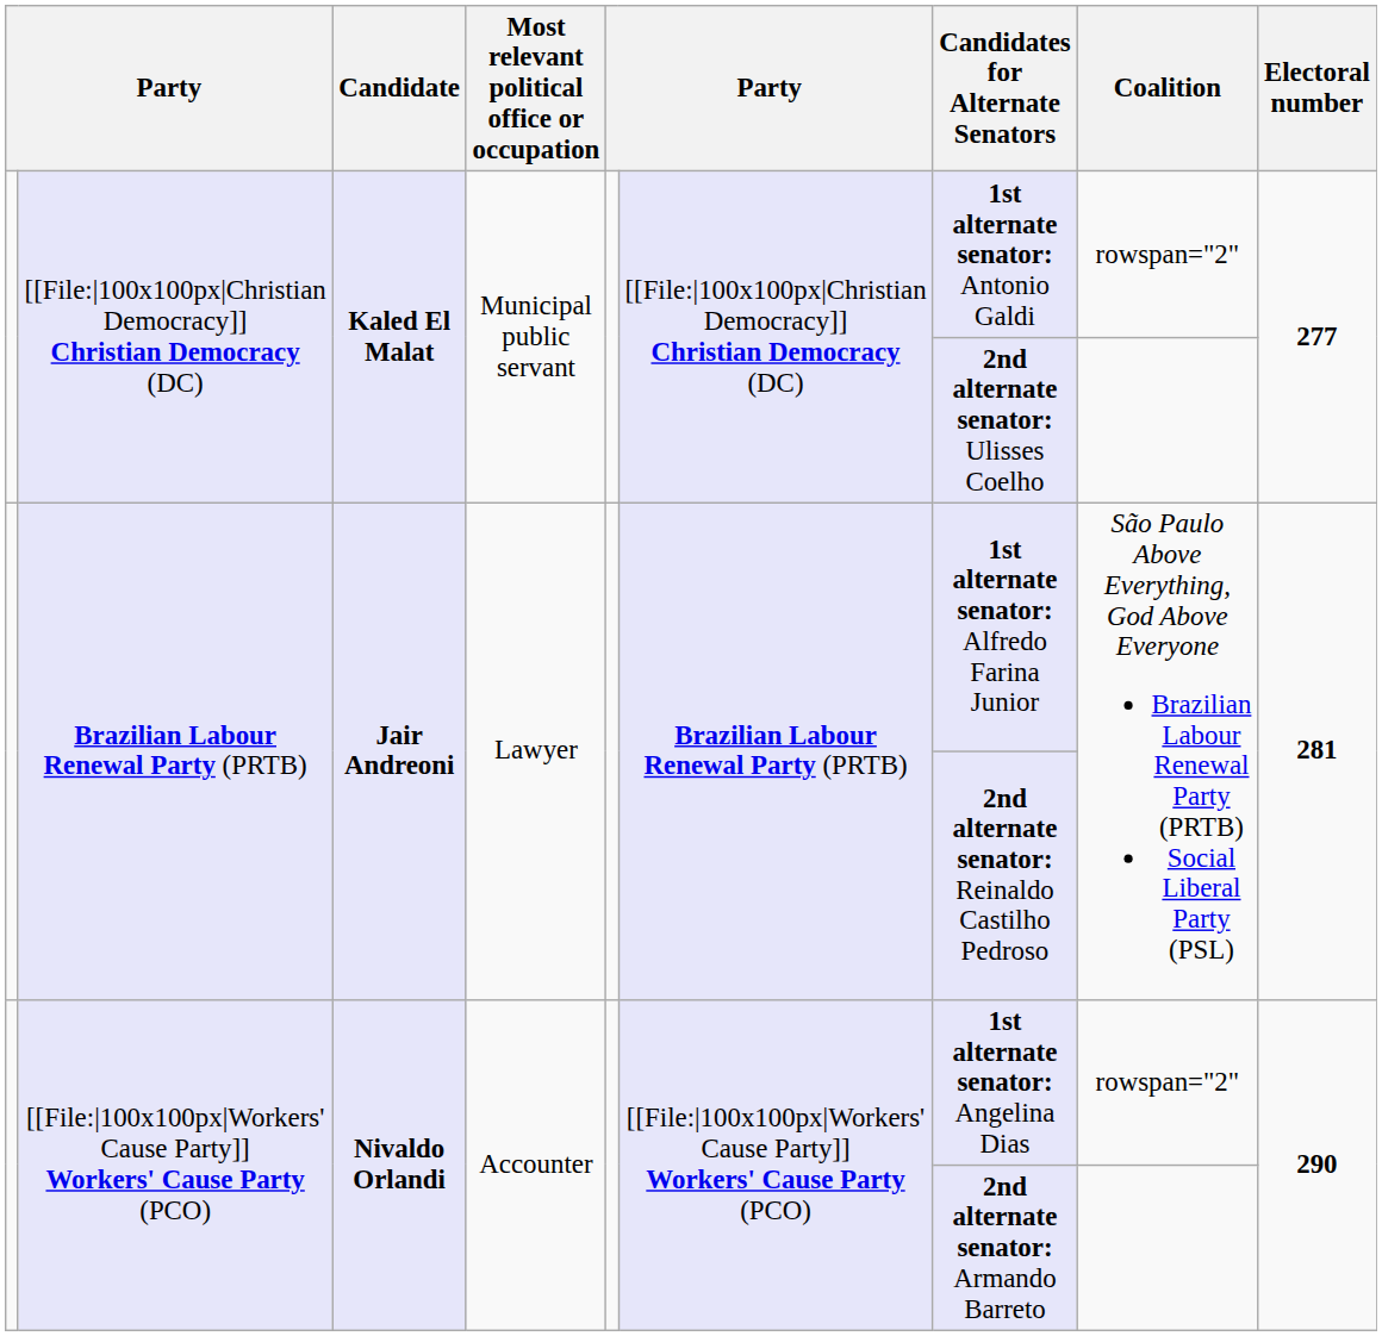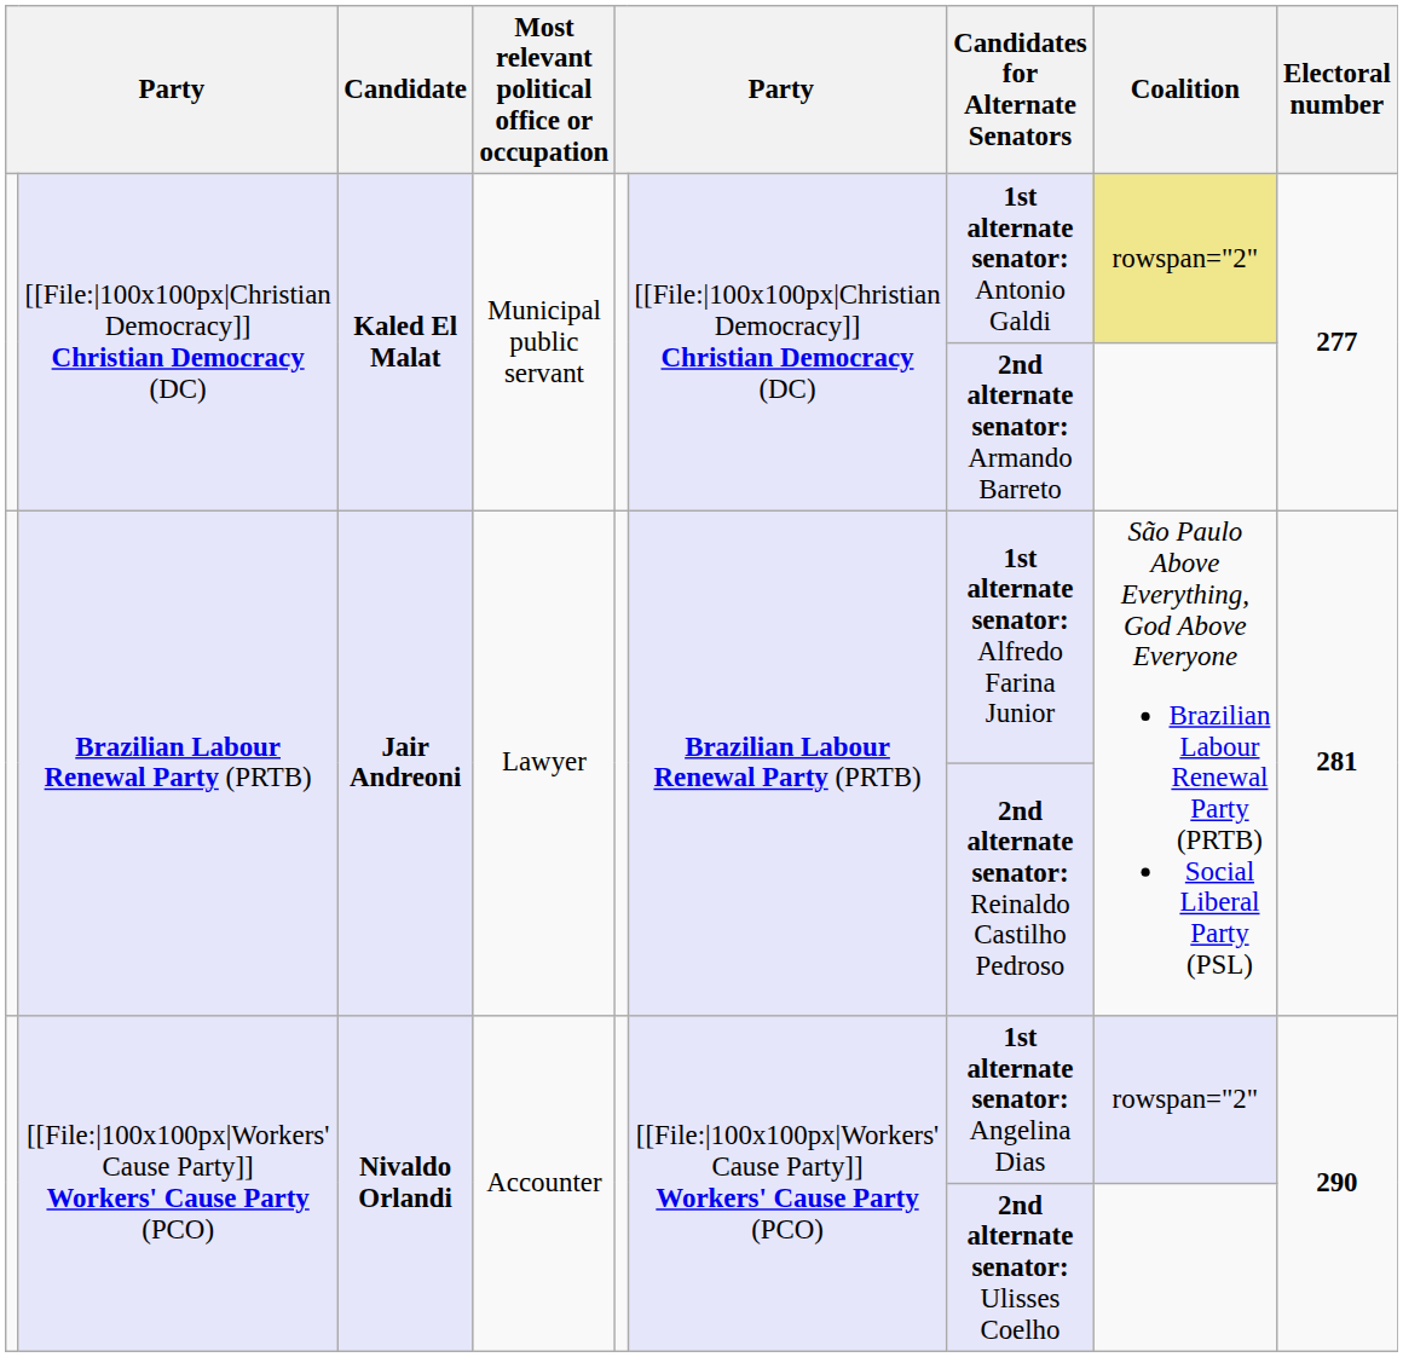 <table class="wikitable" style="text-align:center">
 <tr>
 <th colspan="2">Party</th>
 <th>Candidate</th>
 <th style="max-width:10em">Most relevant political office or occupation</th>
 <th colspan="2">Party</th>
 <th>Candidates for Alternate Senators</th>
 <th>Coalition</th>
 <th>Electoral number</th>
 </tr>
 <tr>
 <td rowspan="2" style="background:"></td>
 <td rowspan="2" style="background:lavender;" max-width:150px>[[File:|100x100px|Christian Democracy]]<br><strong><a href='#'>Christian Democracy</a></strong> (DC)</td>
 <td rowspan="2" style="background:lavender;" max-width:150px><strong>Kaled El Malat</strong></td>
 <td rowspan="2" style="max-width:10em">Municipal public servant</td>
 <td rowspan="2" style="background:"></td>
 <td rowspan="2" style="background:lavender;" max-width:150px>[[File:|100x100px|Christian Democracy]]<br><strong><a href='#'>Christian Democracy</a></strong> (DC)</td>
 <td style="background:lavender;"><strong>1st alternate senator:</strong><br>Antonio Galdi</td>
-<td>rowspan="2" </td>
+<td style="background: khaki;">rowspan="2" </td>
 <td rowspan="2"><strong>277</strong></td>
 </tr>
 <tr>
-<td style="background:lavender;"><strong>2nd alternate senator:</strong><br>Ulisses Coelho</td>
+<td style="background:lavender;"><strong>2nd alternate senator:</strong><br>Armando Barreto</td>
 </tr>
 <tr>
 <td rowspan="2" style="background:"></td>
 <td rowspan="2" style="background:lavender;" max-width:150px><strong><a href='#'>Brazilian Labour Renewal Party</a></strong> (PRTB)</td>
 <td rowspan="2" style="background:lavender;" max-width:150px><strong>Jair Andreoni</strong></td>
 <td rowspan="2" style="max-width:10em">Lawyer</td>
 <td rowspan="2" style="background:"></td>
 <td rowspan="2" style="background:lavender;" max-width:150px><strong><a href='#'>Brazilian Labour Renewal Party</a></strong> (PRTB)</td>
 <td style="background:lavender;"><strong>1st alternate senator:</strong><br>Alfredo Farina Junior</td>
 <td rowspan="2"><em>São Paulo Above Everything, God Above Everyone</em><br><ul><li><a href='#'>Brazilian Labour Renewal Party</a> (PRTB)</li><li><a href='#'>Social Liberal Party</a> (PSL)</li></ul></td>
 <td rowspan="2"><strong>281</strong></td>
 </tr>
 <tr>
 <td style="background:lavender;"><strong>2nd alternate senator:</strong><br>Reinaldo Castilho Pedroso</td>
 </tr>
 <tr>
 <td rowspan="2" style="background:"></td>
 <td rowspan="2" style="background:lavender;" max-width:150px>[[File:|100x100px|Workers' Cause Party]]<br><strong><a href='#'>Workers' Cause Party</a></strong> (PCO)</td>
 <td rowspan="2" style="background:lavender;" max-width:150px><strong>Nivaldo Orlandi</strong></td>
 <td rowspan="2" style="max-width:10em">Accounter</td>
 <td rowspan="2" style="background:"></td>
 <td rowspan="2" style="background:lavender;" max-width:150px>[[File:|100x100px|Workers' Cause Party]]<br><strong><a href='#'>Workers' Cause Party</a></strong> (PCO)</td>
 <td style="background:lavender;"><strong>1st alternate senator:</strong><br>Angelina Dias</td>
-<td>rowspan="2" </td>
+<td style="background: lavender;">rowspan="2" </td>
 <td rowspan="2"><strong>290</strong></td>
 </tr>
 <tr>
-<td style="background:lavender;"><strong>2nd alternate senator:</strong><br>Armando Barreto</td>
+<td style="background:lavender;"><strong>2nd alternate senator:</strong><br>Ulisses Coelho</td>
 </tr>
 </table>
